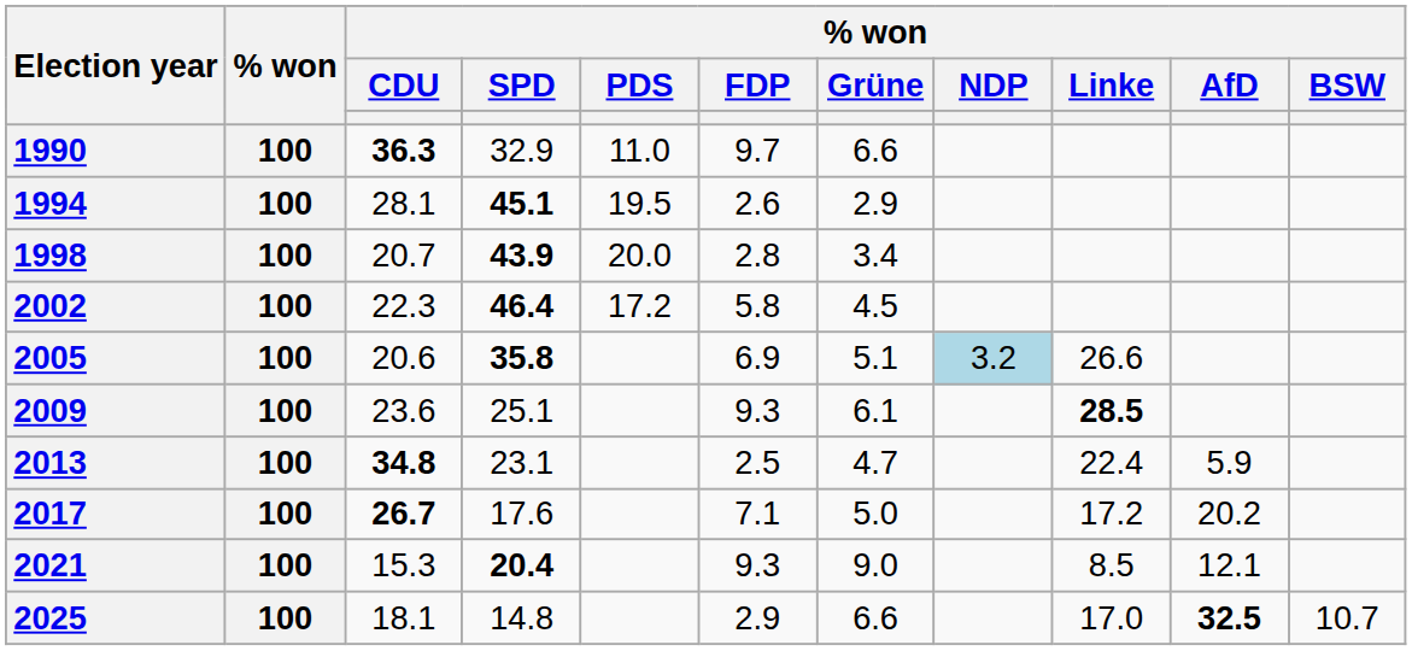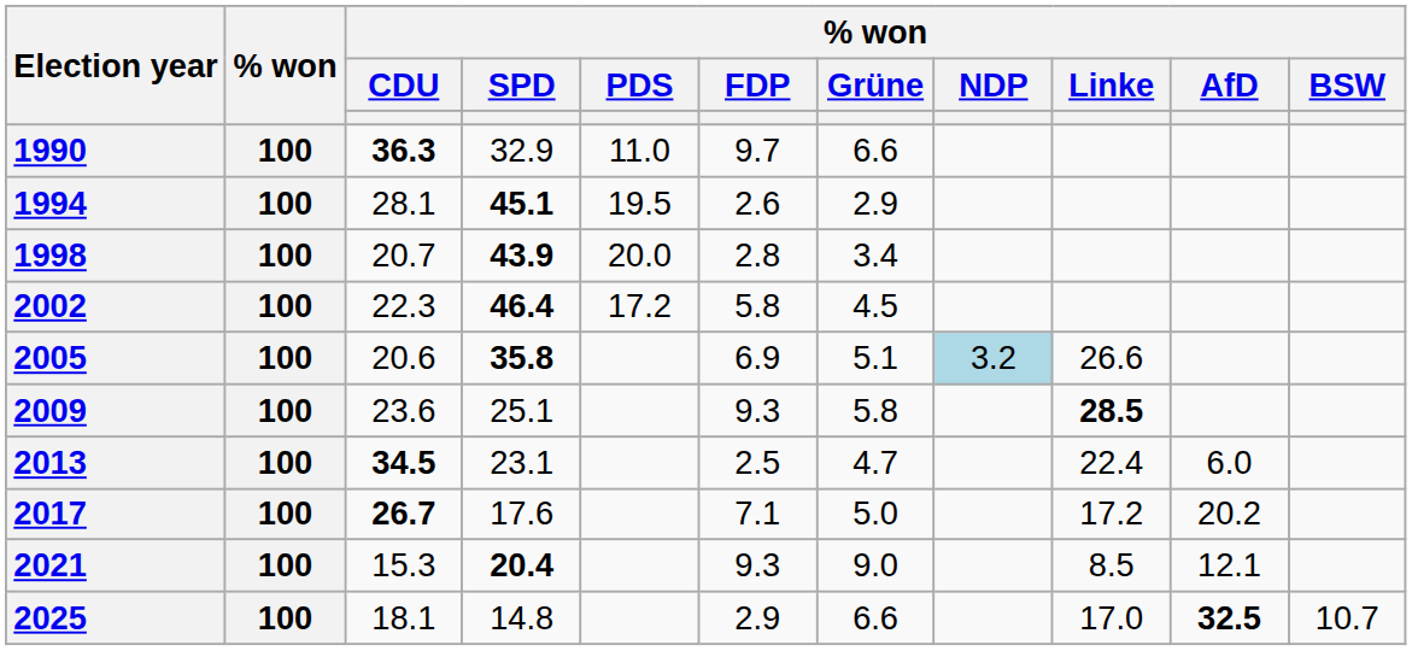 <table class="wikitable" style="text-align:center; font-size: 0.9em;">
 <tr>
 <th rowspan="3">Election year</th>
 <th rowspan="3">% won</th>
 <th colspan="10">% won</th>
 </tr>
 <tr>
 <th class="unsortable" style="width:45px;"><a href='#'>CDU</a></th>
 <th class="unsortable" style="width:45px;"><a href='#'>SPD</a></th>
 <th class="unsortable" style="width:45px;"><a href='#'>PDS</a></th>
 <th class="unsortable" style="width:45px;"><a href='#'>FDP</a></th>
 <th class="unsortable" style="width:45px;"><a href='#'>Grüne</a></th>
 <th class="unsortable" style="width:45px;"><a href='#'>NDP</a></th>
 <th class="unsortable" style="width:45px;"><a href='#'>Linke</a></th>
 <th class="unsortable" style="width:45px;"><a href='#'>AfD</a></th>
 <th class="unsortable" style="width:45px;"><a href='#'>BSW</a></th>
 </tr>
 <tr>
 <th style="background:"></th>
 <th style="background:"></th>
 <th style="background:"></th>
 <th style="background:"></th>
 <th style="background:"></th>
 <th style="background:"></th>
 <th style="background:"></th>
 <th style="background:"></th>
 <th style="background:"></th>
 </tr>
 <tr>
 <th style="text-align: left;"><a href='#'>1990</a></th>
 <th>100</th>
 <td><strong>36.3</strong></td>
 <td>32.9</td>
 <td>11.0</td>
 <td>9.7</td>
 <td>6.6</td>
 <td></td>
 <td></td>
 <td></td>
 <td></td>
 </tr>
 <tr>
 <th style="text-align: left;"><a href='#'>1994</a></th>
 <th>100</th>
 <td>28.1</td>
 <td><strong>45.1</strong></td>
 <td>19.5</td>
 <td>2.6</td>
 <td>2.9</td>
 <td></td>
 <td></td>
 <td></td>
 <td></td>
 </tr>
 <tr>
 <th style="text-align: left;"><a href='#'>1998</a></th>
 <th>100</th>
 <td>20.7</td>
 <td><strong>43.9</strong></td>
 <td>20.0</td>
 <td>2.8</td>
 <td>3.4</td>
 <td></td>
 <td></td>
 <td></td>
 <td></td>
 </tr>
 <tr>
 <th style="text-align: left;"><a href='#'>2002</a></th>
 <th>100</th>
 <td>22.3</td>
 <td><strong>46.4</strong></td>
 <td>17.2</td>
 <td>5.8</td>
 <td>4.5</td>
 <td></td>
 <td></td>
 <td></td>
 <td></td>
 </tr>
 <tr>
 <th style="text-align: left;"><a href='#'>2005</a></th>
 <th>100</th>
 <td>20.6</td>
 <td><strong>35.8</strong></td>
 <td></td>
 <td>6.9</td>
 <td>5.1</td>
 <td style="background: lightblue;">3.2</td>
 <td>26.6</td>
 <td></td>
 <td></td>
 </tr>
 <tr>
 <th style="text-align: left;"><a href='#'>2009</a></th>
 <th>100</th>
 <td>23.6</td>
 <td>25.1</td>
 <td></td>
 <td>9.3</td>
-<td>6.1</td>
+<td>5.8</td>
 <td></td>
 <td><strong>28.5</strong></td>
 <td></td>
 <td></td>
 </tr>
 <tr>
 <th style="text-align: left;"><a href='#'>2013</a></th>
 <th>100</th>
-<td><strong>34.8</strong></td>
+<td><strong>34.5</strong></td>
 <td>23.1</td>
 <td></td>
 <td>2.5</td>
 <td>4.7</td>
 <td></td>
 <td>22.4</td>
-<td>5.9</td>
+<td>6.0</td>
 <td></td>
 </tr>
 <tr>
 <th style="text-align: left;"><a href='#'>2017</a></th>
 <th>100</th>
 <td><strong>26.7</strong></td>
 <td>17.6</td>
 <td></td>
 <td>7.1</td>
 <td>5.0</td>
 <td></td>
 <td>17.2</td>
 <td>20.2</td>
 <td></td>
 </tr>
 <tr>
 <th style="text-align: left;"><a href='#'>2021</a></th>
 <th>100</th>
 <td>15.3</td>
 <td><strong>20.4</strong></td>
 <td></td>
 <td>9.3</td>
 <td>9.0</td>
 <td></td>
 <td>8.5</td>
 <td>12.1</td>
 <td></td>
 </tr>
 <tr>
 <th style="text-align: left;"><a href='#'>2025</a></th>
 <th>100</th>
 <td>18.1</td>
 <td>14.8</td>
 <td></td>
 <td>2.9</td>
 <td>6.6</td>
 <td></td>
 <td>17.0</td>
 <td><strong>32.5</strong></td>
 <td>10.7</td>
 </tr>
 </table>
